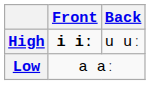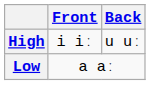 <table class="wikitable IPA" style="text-align:center">
 <tr>
 <th></th>
 <th><a href='#'>Front</a></th>
 <th><a href='#'>Back</a></th>
 </tr>
 <tr align="center">
 <th><a href='#'>High</a></th>
-<td><strong>i iː</strong></td>
+<td>i iː</td>
 <td>u uː</td>
 </tr>
 <tr align="center">
 <th><a href='#'>Low</a></th>
 <td colspan="2">a aː</td>
 </tr>
 </table>
